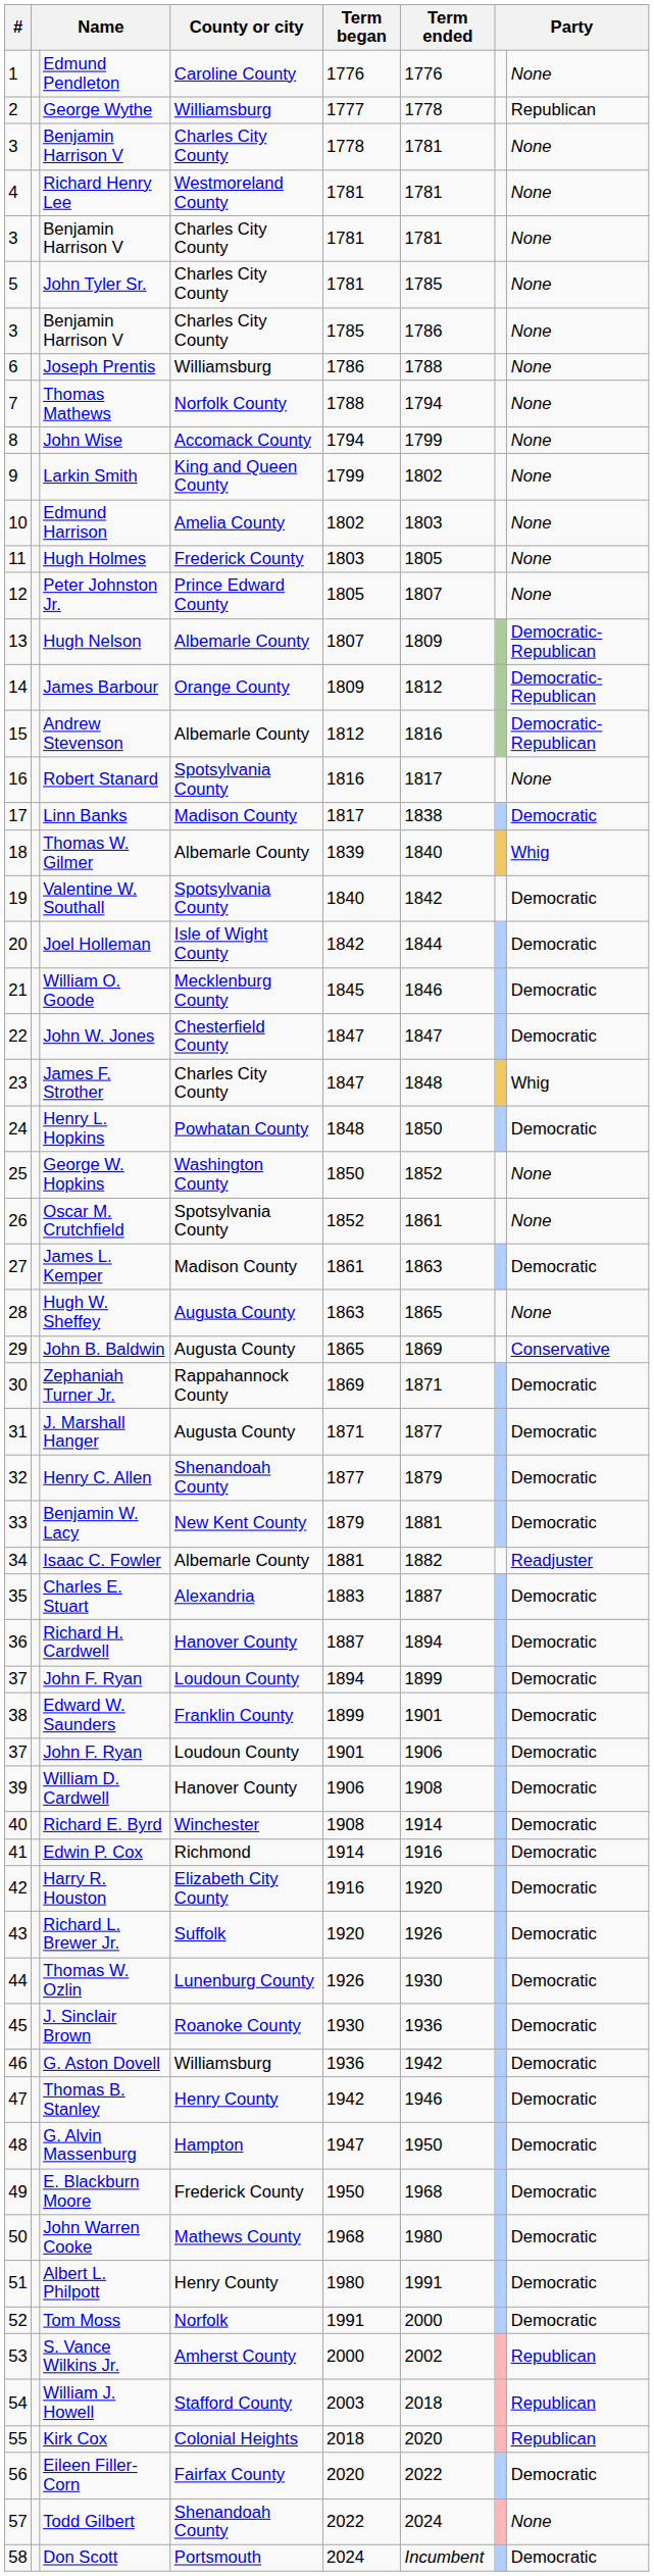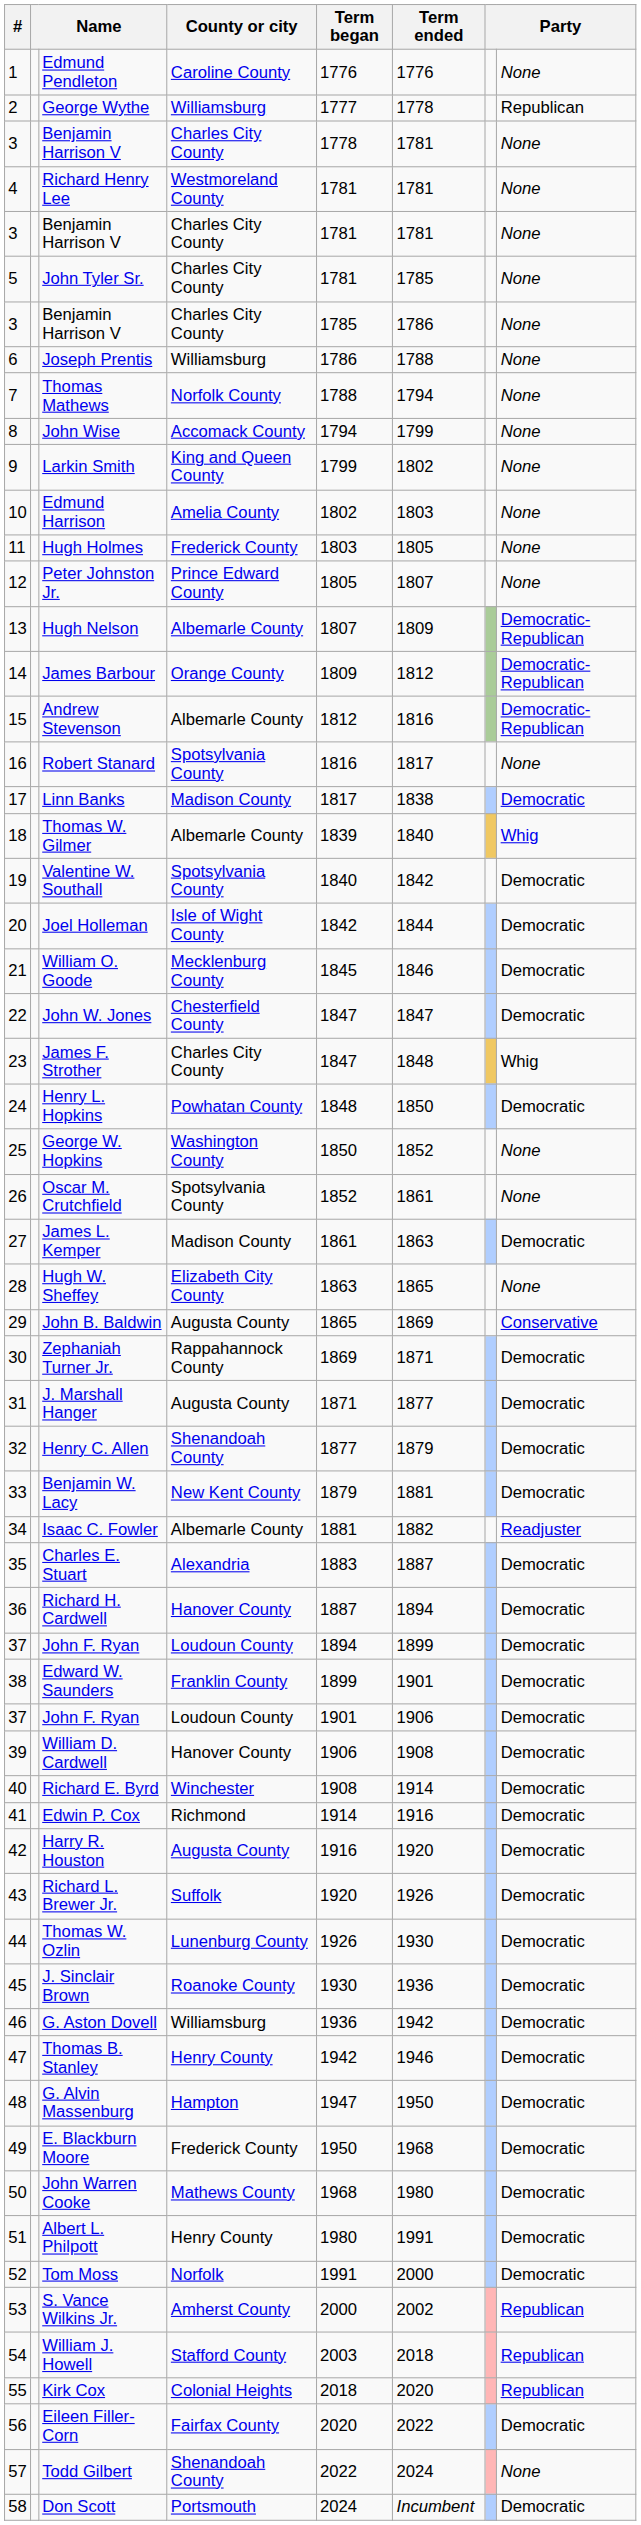 <table class="wikitable sortable">
 <tr>
 <th>#</th>
 <th colspan=2>Name</th>
 <th>County or city</th>
 <th>Term began</th>
 <th>Term ended</th>
 <th colspan="2">Party</th>
 </tr>
 <tr>
 <td>1</td>
 <td></td>
 <td><a href='#'>Edmund Pendleton</a></td>
 <td><a href='#'>Caroline County</a></td>
 <td>1776</td>
 <td>1776</td>
 <td style="width: 4px; background: "></td>
 <td><em>None</em></td>
 </tr>
 <tr>
 <td>2</td>
 <td></td>
 <td><a href='#'>George Wythe</a></td>
 <td><a href='#'>Williamsburg</a></td>
 <td>1777</td>
 <td>1778</td>
 <td style="width: 4px; background: "></td>
 <td>Republican</td>
 </tr>
 <tr>
 <td>3</td>
 <td></td>
 <td><a href='#'>Benjamin Harrison V</a></td>
 <td><a href='#'>Charles City County</a></td>
 <td>1778</td>
 <td>1781</td>
 <td style="width: 4px; background: "></td>
 <td><em>None</em></td>
 </tr>
 <tr>
 <td>4</td>
 <td></td>
 <td><a href='#'>Richard Henry Lee</a></td>
 <td><a href='#'>Westmoreland County</a></td>
 <td>1781</td>
 <td>1781</td>
 <td style="width: 4px; background: "></td>
 <td><em>None</em></td>
 </tr>
 <tr>
 <td>3</td>
 <td></td>
 <td>Benjamin Harrison V</td>
 <td>Charles City County</td>
 <td>1781</td>
 <td>1781</td>
 <td style="width: 4px; background: "></td>
 <td><em>None</em></td>
 </tr>
 <tr>
 <td>5</td>
 <td></td>
 <td><a href='#'>John Tyler Sr.</a></td>
 <td>Charles City County</td>
 <td>1781</td>
 <td>1785</td>
 <td style="width: 4px; background: "></td>
 <td><em>None</em></td>
 </tr>
 <tr>
 <td>3</td>
 <td></td>
 <td>Benjamin Harrison V</td>
 <td>Charles City County</td>
 <td>1785</td>
 <td>1786</td>
 <td style="width: 4px; background: "></td>
 <td><em>None</em></td>
 </tr>
 <tr>
 <td>6</td>
 <td></td>
 <td><a href='#'>Joseph Prentis</a></td>
 <td>Williamsburg</td>
 <td>1786</td>
 <td>1788</td>
 <td style="width: 4px; background: "></td>
 <td><em>None</em></td>
 </tr>
 <tr>
 <td>7</td>
 <td></td>
 <td><a href='#'>Thomas Mathews</a></td>
 <td><a href='#'>Norfolk County</a></td>
 <td>1788</td>
 <td>1794</td>
 <td style="width: 4px; background: "></td>
 <td><em>None</em></td>
 </tr>
 <tr>
 <td>8</td>
 <td></td>
 <td><a href='#'>John Wise</a></td>
 <td><a href='#'>Accomack County</a></td>
 <td>1794</td>
 <td>1799</td>
 <td style="width: 4px; background: "></td>
 <td><em>None</em></td>
 </tr>
 <tr>
 <td>9</td>
 <td></td>
 <td><a href='#'>Larkin Smith</a></td>
 <td><a href='#'>King and Queen County</a></td>
 <td>1799</td>
 <td>1802</td>
 <td style="width: 4px; background: "></td>
 <td><em>None</em></td>
 </tr>
 <tr>
 <td>10</td>
 <td></td>
 <td><a href='#'>Edmund Harrison</a></td>
 <td><a href='#'>Amelia County</a></td>
 <td>1802</td>
 <td>1803</td>
 <td style="width: 4px; background: "></td>
 <td><em>None</em></td>
 </tr>
 <tr>
 <td>11</td>
 <td></td>
 <td><a href='#'>Hugh Holmes</a></td>
 <td><a href='#'>Frederick County</a></td>
 <td>1803</td>
 <td>1805</td>
 <td style="width: 4px; background: "></td>
 <td><em>None</em></td>
 </tr>
 <tr>
 <td>12</td>
 <td></td>
 <td><a href='#'>Peter Johnston Jr.</a></td>
 <td><a href='#'>Prince Edward County</a></td>
 <td>1805</td>
 <td>1807</td>
 <td style="width: 4px; background: "></td>
 <td><em>None</em></td>
 </tr>
 <tr>
 <td>13</td>
 <td></td>
 <td><a href='#'>Hugh Nelson</a></td>
 <td><a href='#'>Albemarle County</a></td>
 <td>1807</td>
 <td>1809</td>
 <td style="width: 4px; background:#AACC99";></td>
 <td><a href='#'>Democratic-Republican</a></td>
 </tr>
 <tr>
 <td>14</td>
 <td></td>
 <td><a href='#'>James Barbour</a></td>
 <td><a href='#'>Orange County</a></td>
 <td>1809</td>
 <td>1812</td>
 <td style="width: 4px; background:#AACC99";></td>
 <td><a href='#'>Democratic-Republican</a></td>
 </tr>
 <tr>
 <td>15</td>
 <td></td>
 <td><a href='#'>Andrew Stevenson</a></td>
 <td>Albemarle County</td>
 <td>1812</td>
 <td>1816</td>
 <td style="width: 4px; background:#AACC99";></td>
 <td><a href='#'>Democratic-Republican</a></td>
 </tr>
 <tr>
 <td>16</td>
 <td></td>
 <td><a href='#'>Robert Stanard</a></td>
 <td><a href='#'>Spotsylvania County</a></td>
 <td>1816</td>
 <td>1817</td>
 <td style="width: 4px; background: "></td>
 <td><em>None</em></td>
 </tr>
 <tr>
 <td>17</td>
 <td></td>
 <td><a href='#'>Linn Banks</a></td>
 <td><a href='#'>Madison County</a></td>
 <td>1817</td>
 <td>1838</td>
 <td style="width: 4px; background:#B0CEFF";></td>
 <td><a href='#'>Democratic</a></td>
 </tr>
 <tr>
 <td>18</td>
 <td></td>
 <td><a href='#'>Thomas W. Gilmer</a></td>
 <td>Albemarle County</td>
 <td>1839</td>
 <td>1840</td>
 <td style="width: 4px; background:#F0C862";></td>
 <td><a href='#'>Whig</a></td>
 </tr>
 <tr>
 <td>19</td>
 <td></td>
 <td><a href='#'>Valentine W. Southall</a></td>
 <td><a href='#'>Spotsylvania County</a></td>
 <td>1840</td>
 <td>1842</td>
 <td style="width: 4px; background: "></td>
 <td>Democratic</td>
 </tr>
 <tr>
 <td>20</td>
 <td></td>
 <td><a href='#'>Joel Holleman</a></td>
 <td><a href='#'>Isle of Wight County</a></td>
 <td>1842</td>
 <td>1844</td>
 <td style="width: 4px; background:#B0CEFF";></td>
 <td>Democratic</td>
 </tr>
 <tr>
 <td>21</td>
 <td></td>
 <td><a href='#'>William O. Goode</a></td>
 <td><a href='#'>Mecklenburg County</a></td>
 <td>1845</td>
 <td>1846</td>
 <td style="width: 4px; background:#B0CEFF";></td>
 <td>Democratic</td>
 </tr>
 <tr>
 <td>22</td>
 <td></td>
 <td><a href='#'>John W. Jones</a></td>
 <td><a href='#'>Chesterfield County</a></td>
 <td>1847</td>
 <td>1847</td>
 <td style="width: 4px; background:#B0CEFF";></td>
 <td>Democratic</td>
 </tr>
 <tr>
 <td>23</td>
 <td></td>
 <td><a href='#'>James F. Strother</a></td>
 <td>Charles City County</td>
 <td>1847</td>
 <td>1848</td>
 <td style="width: 4px; background:#F0C862";></td>
 <td>Whig</td>
 </tr>
 <tr>
 <td>24</td>
 <td></td>
 <td><a href='#'>Henry L. Hopkins</a></td>
 <td><a href='#'>Powhatan County</a></td>
 <td>1848</td>
 <td>1850</td>
 <td style="width: 4px; background:#B0CEFF";></td>
 <td>Democratic</td>
 </tr>
 <tr>
 <td>25</td>
 <td></td>
 <td><a href='#'>George W. Hopkins</a></td>
 <td><a href='#'>Washington County</a></td>
 <td>1850</td>
 <td>1852</td>
 <td style="width: 4px; background: "></td>
 <td><em>None</em></td>
 </tr>
 <tr>
 <td>26</td>
 <td></td>
 <td><a href='#'>Oscar M. Crutchfield</a></td>
 <td>Spotsylvania County</td>
 <td>1852</td>
 <td>1861</td>
 <td style="width: 4px; background: "></td>
 <td><em>None</em></td>
 </tr>
 <tr>
 <td>27</td>
 <td></td>
 <td><a href='#'>James L. Kemper</a></td>
 <td>Madison County</td>
 <td>1861</td>
 <td>1863</td>
 <td style="width: 4px; background:#B0CEFF";></td>
 <td>Democratic</td>
 </tr>
 <tr>
 <td>28</td>
 <td></td>
 <td><a href='#'>Hugh W. Sheffey</a></td>
-<td><a href='#'>Augusta County</a></td>
+<td><a href='#'>Elizabeth City County</a></td>
 <td>1863</td>
 <td>1865</td>
 <td style="width: 4px; background: "></td>
 <td><em>None</em></td>
 </tr>
 <tr>
 <td>29</td>
 <td></td>
 <td><a href='#'>John B. Baldwin</a></td>
 <td>Augusta County</td>
 <td>1865</td>
 <td>1869</td>
 <td style="width: 4px; background: "></td>
 <td><a href='#'>Conservative</a></td>
 </tr>
 <tr>
 <td>30</td>
 <td></td>
 <td><a href='#'>Zephaniah Turner Jr.</a></td>
 <td>Rappahannock County</td>
 <td>1869</td>
 <td>1871</td>
 <td style="width: 4px; background:#B0CEFF";></td>
 <td>Democratic</td>
 </tr>
 <tr>
 <td>31</td>
 <td></td>
 <td><a href='#'>J. Marshall Hanger</a></td>
 <td>Augusta County</td>
 <td>1871</td>
 <td>1877</td>
 <td style="width: 4px; background:#B0CEFF";></td>
 <td>Democratic</td>
 </tr>
 <tr>
 <td>32</td>
 <td></td>
 <td><a href='#'>Henry C. Allen</a></td>
 <td><a href='#'>Shenandoah County</a></td>
 <td>1877</td>
 <td>1879</td>
 <td style="width: 4px; background:#B0CEFF";></td>
 <td>Democratic</td>
 </tr>
 <tr>
 <td>33</td>
 <td></td>
 <td><a href='#'>Benjamin W. Lacy</a></td>
 <td><a href='#'>New Kent County</a></td>
 <td>1879</td>
 <td>1881</td>
 <td style="width: 4px; background:#B0CEFF";></td>
 <td>Democratic</td>
 </tr>
 <tr>
 <td>34</td>
 <td></td>
 <td><a href='#'>Isaac C. Fowler</a></td>
 <td>Albemarle County</td>
 <td>1881</td>
 <td>1882</td>
 <td style="width: 4px; background:"></td>
 <td><a href='#'>Readjuster</a></td>
 </tr>
 <tr>
 <td>35</td>
 <td></td>
 <td><a href='#'>Charles E. Stuart</a></td>
 <td><a href='#'>Alexandria</a></td>
 <td>1883</td>
 <td>1887</td>
 <td style="width: 4px; background:#B0CEFF";></td>
 <td>Democratic</td>
 </tr>
 <tr>
 <td>36</td>
 <td></td>
 <td><a href='#'>Richard H. Cardwell</a></td>
 <td><a href='#'>Hanover County</a></td>
 <td>1887</td>
 <td>1894</td>
 <td style="width: 4px; background:#B0CEFF";></td>
 <td>Democratic</td>
 </tr>
 <tr>
 <td>37</td>
 <td></td>
 <td><a href='#'>John F. Ryan</a></td>
 <td><a href='#'>Loudoun County</a></td>
 <td>1894</td>
 <td>1899</td>
 <td style="width: 4px; background:#B0CEFF";></td>
 <td>Democratic</td>
 </tr>
 <tr>
 <td>38</td>
 <td></td>
 <td><a href='#'>Edward W. Saunders</a></td>
 <td><a href='#'>Franklin County</a></td>
 <td>1899</td>
 <td>1901</td>
 <td style="width: 4px; background:#B0CEFF";></td>
 <td>Democratic</td>
 </tr>
 <tr>
 <td>37</td>
 <td></td>
 <td><a href='#'>John F. Ryan</a></td>
 <td>Loudoun County</td>
 <td>1901</td>
 <td>1906</td>
 <td style="width: 4px; background:#B0CEFF";></td>
 <td>Democratic</td>
 </tr>
 <tr>
 <td>39</td>
 <td></td>
 <td><a href='#'>William D. Cardwell</a></td>
 <td>Hanover County</td>
 <td>1906</td>
 <td>1908</td>
 <td style="width: 4px; background:#B0CEFF";></td>
 <td>Democratic</td>
 </tr>
 <tr>
 <td>40</td>
 <td></td>
 <td><a href='#'>Richard E. Byrd</a></td>
 <td><a href='#'>Winchester</a></td>
 <td>1908</td>
 <td>1914</td>
 <td style="width: 4px; background:#B0CEFF";></td>
 <td>Democratic</td>
 </tr>
 <tr>
 <td>41</td>
 <td></td>
 <td><a href='#'>Edwin P. Cox</a></td>
 <td>Richmond</td>
 <td>1914</td>
 <td>1916</td>
 <td style="width: 4px; background:#B0CEFF";></td>
 <td>Democratic</td>
 </tr>
 <tr>
 <td>42</td>
 <td></td>
 <td><a href='#'>Harry R. Houston</a></td>
-<td><a href='#'>Elizabeth City County</a></td>
+<td><a href='#'>Augusta County</a></td>
 <td>1916</td>
 <td>1920</td>
 <td style="width: 4px; background:#B0CEFF";></td>
 <td>Democratic</td>
 </tr>
 <tr>
 <td>43</td>
 <td></td>
 <td><a href='#'>Richard L. Brewer Jr.</a></td>
 <td><a href='#'>Suffolk</a></td>
 <td>1920</td>
 <td>1926</td>
 <td style="width: 4px; background:#B0CEFF";></td>
 <td>Democratic</td>
 </tr>
 <tr>
 <td>44</td>
 <td></td>
 <td><a href='#'>Thomas W. Ozlin</a></td>
 <td><a href='#'>Lunenburg County</a></td>
 <td>1926</td>
 <td>1930</td>
 <td style="width: 4px; background:#B0CEFF";></td>
 <td>Democratic</td>
 </tr>
 <tr>
 <td>45</td>
 <td></td>
 <td><a href='#'>J. Sinclair Brown</a></td>
 <td><a href='#'>Roanoke County</a></td>
 <td>1930</td>
 <td>1936</td>
 <td style="width: 4px; background:#B0CEFF";></td>
 <td>Democratic</td>
 </tr>
 <tr>
 <td>46</td>
 <td></td>
 <td><a href='#'>G. Aston Dovell</a></td>
 <td>Williamsburg</td>
 <td>1936</td>
 <td>1942</td>
 <td style="width: 4px; background:#B0CEFF";></td>
 <td>Democratic</td>
 </tr>
 <tr>
 <td>47</td>
 <td></td>
 <td><a href='#'>Thomas B. Stanley</a></td>
 <td><a href='#'>Henry County</a></td>
 <td>1942</td>
 <td>1946</td>
 <td style="width: 4px; background:#B0CEFF";></td>
 <td>Democratic</td>
 </tr>
 <tr>
 <td>48</td>
 <td></td>
 <td><a href='#'>G. Alvin Massenburg</a></td>
 <td><a href='#'>Hampton</a></td>
 <td>1947</td>
 <td>1950</td>
 <td style="width: 4px; background:#B0CEFF";></td>
 <td>Democratic</td>
 </tr>
 <tr>
 <td>49</td>
 <td></td>
 <td><a href='#'>E. Blackburn Moore</a></td>
 <td>Frederick County</td>
 <td>1950</td>
 <td>1968</td>
 <td style="width: 4px; background:#B0CEFF";></td>
 <td>Democratic</td>
 </tr>
 <tr>
 <td>50</td>
 <td></td>
 <td><a href='#'>John Warren Cooke</a></td>
 <td><a href='#'>Mathews County</a></td>
 <td>1968</td>
 <td>1980</td>
 <td style="width: 4px; background:#B0CEFF";></td>
 <td>Democratic</td>
 </tr>
 <tr>
 <td>51</td>
 <td></td>
 <td><a href='#'>Albert L. Philpott</a></td>
 <td>Henry County</td>
 <td>1980</td>
 <td>1991</td>
 <td style="width: 4px; background:#B0CEFF";></td>
 <td>Democratic</td>
 </tr>
 <tr>
 <td>52</td>
 <td></td>
 <td><a href='#'>Tom Moss</a></td>
 <td><a href='#'>Norfolk</a></td>
 <td>1991</td>
 <td>2000</td>
 <td style="width: 4px; background:#B0CEFF";></td>
 <td>Democratic</td>
 </tr>
 <tr>
 <td>53</td>
 <td></td>
 <td><a href='#'>S. Vance Wilkins Jr.</a></td>
 <td><a href='#'>Amherst County</a></td>
 <td>2000</td>
 <td>2002</td>
 <td style="width: 4px; background:#FFB6B6";></td>
 <td><a href='#'>Republican</a></td>
 </tr>
 <tr>
 <td>54</td>
 <td></td>
 <td><a href='#'>William J. Howell</a></td>
 <td><a href='#'>Stafford County</a></td>
 <td>2003</td>
 <td>2018</td>
 <td style="width: 4px; background:#FFB6B6";></td>
 <td><a href='#'>Republican</a></td>
 </tr>
 <tr>
 <td>55</td>
 <td></td>
 <td><a href='#'>Kirk Cox</a></td>
 <td><a href='#'>Colonial Heights</a></td>
 <td>2018</td>
 <td>2020</td>
 <td style="width: 4px; background:#FFB6B6";></td>
 <td><a href='#'>Republican</a></td>
 </tr>
 <tr>
 <td>56</td>
 <td></td>
 <td><a href='#'>Eileen Filler-Corn</a></td>
 <td><a href='#'>Fairfax County</a></td>
 <td>2020</td>
 <td>2022</td>
 <td style="width: 4px; background:#B0CEFF";></td>
 <td>Democratic</td>
 </tr>
 <tr>
 <td>57</td>
 <td></td>
 <td><a href='#'>Todd Gilbert</a></td>
 <td><a href='#'>Shenandoah County</a></td>
 <td>2022</td>
 <td>2024</td>
 <td style="width: 4px; background:#FFB6B6";></td>
 <td><em>None</em></td>
 </tr>
 <tr>
 <td>58</td>
 <td></td>
 <td><a href='#'>Don Scott</a></td>
 <td><a href='#'>Portsmouth</a></td>
 <td>2024</td>
 <td><em>Incumbent</em></td>
 <td style="width: 4px; background:#B0CEFF";></td>
 <td>Democratic</td>
 </tr>
 </table>
